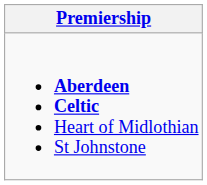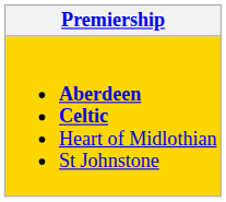 <table class="wikitable" style="text-align:left">
 <tr>
 <th><a href='#'>Premiership</a></th>
 </tr>
 <tr>
-<td valign=top><br><ul><li><strong><a href='#'>Aberdeen</a></strong></li><li><strong><a href='#'>Celtic</a></strong></li><li><a href='#'>Heart of Midlothian</a></li><li><a href='#'>St Johnstone</a></li></ul></td>
+<td valign=top style="background: gold;"><br><ul><li><strong><a href='#'>Aberdeen</a></strong></li><li><strong><a href='#'>Celtic</a></strong></li><li><a href='#'>Heart of Midlothian</a></li><li><a href='#'>St Johnstone</a></li></ul></td>
 </tr>
 </table>
